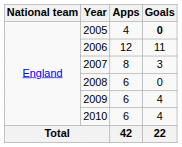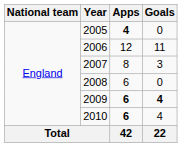 <table class=wikitable style=text-align:center>
 <tr>
 <th>National team</th>
 <th>Year</th>
 <th>Apps</th>
 <th>Goals</th>
 </tr>
 <tr>
 <td rowspan=6><a href='#'>England</a></td>
 <td>2005</td>
-<td>4</td>
-<td><strong>0</strong></td>
+<td><strong>4</strong></td>
+<td>0</td>
 </tr>
 <tr>
 <td>2006</td>
 <td>12</td>
 <td>11</td>
 </tr>
 <tr>
 <td>2007</td>
 <td>8</td>
 <td>3</td>
 </tr>
 <tr>
 <td>2008</td>
 <td>6</td>
 <td>0</td>
 </tr>
 <tr>
 <td>2009</td>
-<td>6</td>
-<td>4</td>
+<td><strong>6</strong></td>
+<td><strong>4</strong></td>
 </tr>
 <tr>
 <td>2010</td>
-<td>6</td>
+<td><strong>6</strong></td>
 <td>4</td>
 </tr>
 <tr>
 <th colspan=2>Total</th>
 <th>42</th>
 <th>22</th>
 </tr>
 </table>
